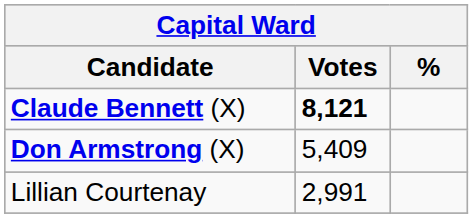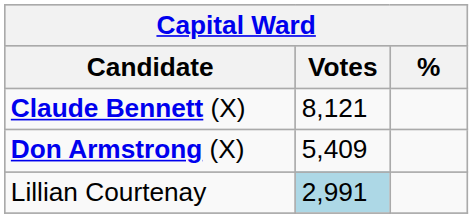 <table class="wikitable">
 <tr>
 <th colspan="3"><a href='#'>Capital Ward</a></th>
 </tr>
 <tr>
 <th style="width: 170px">Candidate</th>
 <th style="width: 50px">Votes</th>
 <th style="width: 40px">%</th>
 </tr>
 <tr>
 <td><strong><a href='#'>Claude Bennett</a></strong> (X)</td>
-<td><strong>8,121</strong></td>
+<td>8,121</td>
 <td></td>
 </tr>
 <tr>
 <td><strong><a href='#'>Don Armstrong</a></strong> (X)</td>
 <td>5,409</td>
 <td></td>
 </tr>
 <tr>
 <td>Lillian Courtenay</td>
-<td>2,991</td>
+<td style="background: lightblue;">2,991</td>
 <td></td>
 </tr>
 </table>
